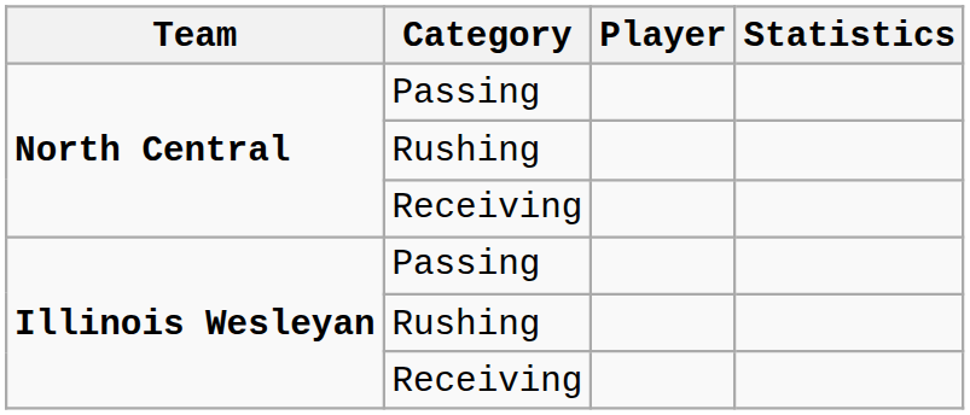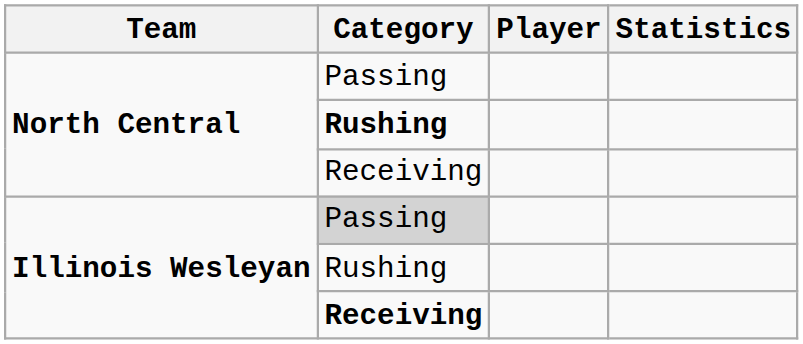 <table class="wikitable" style="float: left;">
 <tr>
 <th>Team</th>
 <th>Category</th>
 <th>Player</th>
 <th>Statistics</th>
 </tr>
 <tr>
 <td rowspan=3><strong>North Central</strong></td>
 <td>Passing</td>
 <td></td>
 <td></td>
 </tr>
 <tr>
-<td>Rushing</td>
+<td><strong>Rushing</strong></td>
 <td></td>
 <td></td>
 </tr>
 <tr>
 <td>Receiving</td>
 <td></td>
 <td></td>
 </tr>
 <tr>
 <td rowspan=3><strong>Illinois Wesleyan</strong></td>
-<td>Passing</td>
+<td style="background: lightgrey;">Passing</td>
 <td></td>
 <td></td>
 </tr>
 <tr>
 <td>Rushing</td>
 <td></td>
 <td></td>
 </tr>
 <tr>
-<td>Receiving</td>
+<td><strong>Receiving</strong></td>
 <td></td>
 <td></td>
 </tr>
 </table>
